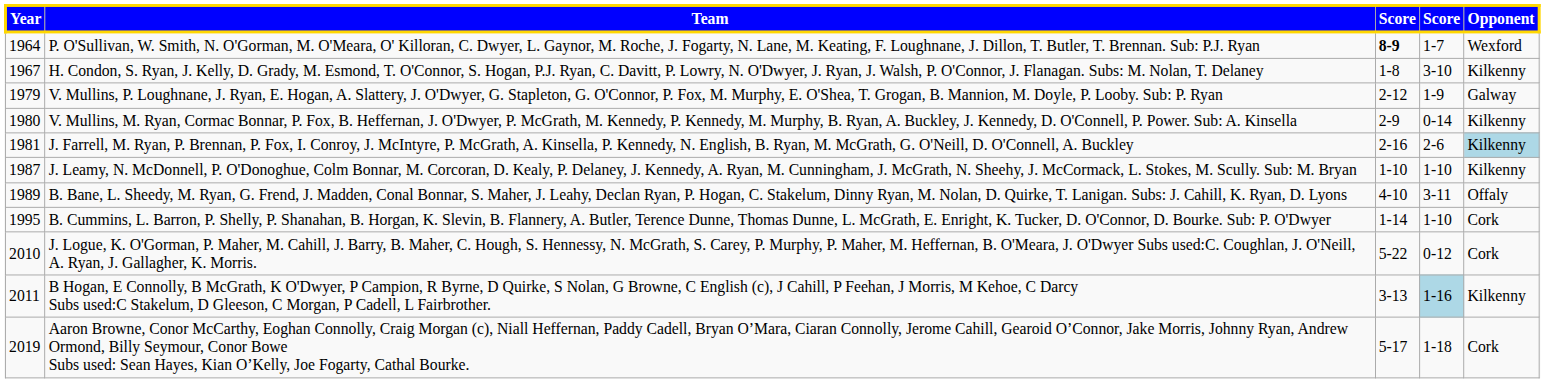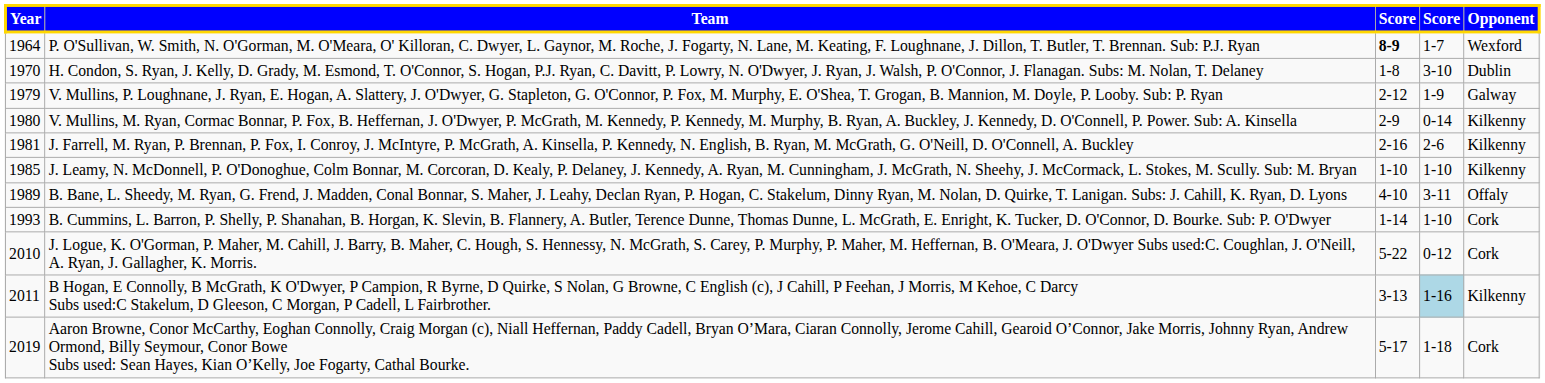 <table class="wikitable">
 <tr style="text-align:center;background:blue; color:white; border:3px solid gold">
 <td><strong>Year</strong></td>
 <td><strong>Team</strong></td>
 <td><strong>Score</strong></td>
 <td><strong>Score</strong></td>
 <td><strong>Opponent</strong></td>
 </tr>
 <tr>
 <td>1964</td>
 <td>P. O'Sullivan, W. Smith, N. O'Gorman, M. O'Meara, O' Killoran, C. Dwyer, L. Gaynor, M. Roche, J. Fogarty, N. Lane, M. Keating, F. Loughnane, J. Dillon, T. Butler, T. Brennan. Sub: P.J. Ryan</td>
 <td><strong>8-9</strong></td>
 <td>1-7</td>
 <td>Wexford</td>
 </tr>
 <tr>
-<td>1967</td>
+<td>1970</td>
 <td>H. Condon, S. Ryan, J. Kelly, D. Grady, M. Esmond, T. O'Connor, S. Hogan, P.J. Ryan, C. Davitt, P. Lowry, N. O'Dwyer, J. Ryan, J. Walsh, P. O'Connor, J. Flanagan. Subs: M. Nolan, T. Delaney</td>
 <td>1-8</td>
 <td>3-10</td>
-<td>Kilkenny</td>
+<td>Dublin</td>
 </tr>
 <tr>
 <td>1979</td>
 <td>V. Mullins, P. Loughnane, J. Ryan, E. Hogan, A. Slattery, J. O'Dwyer, G. Stapleton, G. O'Connor, P. Fox, M. Murphy, E. O'Shea, T. Grogan, B. Mannion, M. Doyle, P. Looby. Sub: P. Ryan</td>
 <td>2-12</td>
 <td>1-9</td>
 <td>Galway</td>
 </tr>
 <tr>
 <td>1980</td>
 <td>V. Mullins, M. Ryan, Cormac Bonnar, P. Fox, B. Heffernan, J. O'Dwyer, P. McGrath, M. Kennedy, P. Kennedy, M. Murphy, B. Ryan, A. Buckley, J. Kennedy, D. O'Connell, P. Power. Sub: A. Kinsella</td>
 <td>2-9</td>
 <td>0-14</td>
 <td>Kilkenny</td>
 </tr>
 <tr>
 <td>1981</td>
 <td>J. Farrell, M. Ryan, P. Brennan, P. Fox, I. Conroy, J. McIntyre, P. McGrath, A. Kinsella, P. Kennedy, N. English, B. Ryan, M. McGrath, G. O'Neill, D. O'Connell, A. Buckley</td>
 <td>2-16</td>
 <td>2-6</td>
-<td style="background: lightblue;">Kilkenny</td>
+<td>Kilkenny</td>
 </tr>
 <tr>
-<td>1987</td>
+<td>1985</td>
 <td>J. Leamy, N. McDonnell, P. O'Donoghue, Colm Bonnar, M. Corcoran, D. Kealy, P. Delaney, J. Kennedy, A. Ryan, M. Cunningham, J. McGrath, N. Sheehy, J. McCormack, L. Stokes, M. Scully. Sub: M. Bryan</td>
 <td>1-10</td>
 <td>1-10</td>
 <td>Kilkenny</td>
 </tr>
 <tr>
 <td>1989</td>
 <td>B. Bane, L. Sheedy, M. Ryan, G. Frend, J. Madden, Conal Bonnar, S. Maher, J. Leahy, Declan Ryan, P. Hogan, C. Stakelum, Dinny Ryan, M. Nolan, D. Quirke, T. Lanigan. Subs: J. Cahill, K. Ryan, D. Lyons</td>
 <td>4-10</td>
 <td>3-11</td>
 <td>Offaly</td>
 </tr>
 <tr>
-<td>1995</td>
+<td>1993</td>
 <td>B. Cummins, L. Barron, P. Shelly, P. Shanahan, B. Horgan, K. Slevin, B. Flannery, A. Butler, Terence Dunne, Thomas Dunne, L. McGrath, E. Enright, K. Tucker, D. O'Connor, D. Bourke. Sub: P. O'Dwyer</td>
 <td>1-14</td>
 <td>1-10</td>
 <td>Cork</td>
 </tr>
 <tr>
 <td>2010</td>
 <td>J. Logue, K. O'Gorman, P. Maher, M. Cahill, J. Barry, B. Maher, C. Hough,  S. Hennessy, N. McGrath, S. Carey, P. Murphy, P. Maher, M. Heffernan, B. O'Meara, J. O'Dwyer Subs used:C. Coughlan, J. O'Neill, A. Ryan, J. Gallagher, K. Morris.</td>
 <td>5-22</td>
 <td>0-12</td>
 <td>Cork</td>
 </tr>
 <tr>
 <td>2011</td>
 <td>B Hogan, E Connolly, B McGrath, K O'Dwyer, P Campion, R Byrne, D Quirke, S Nolan, G Browne, C English (c), J Cahill, P Feehan, J Morris, M Kehoe, C Darcy<br>Subs used:C Stakelum, D Gleeson, C Morgan, P Cadell, L Fairbrother.</td>
 <td>3-13</td>
 <td style="background: lightblue;">1-16</td>
 <td>Kilkenny</td>
 </tr>
 <tr>
 <td>2019</td>
 <td>Aaron Browne, Conor McCarthy, Eoghan Connolly, Craig Morgan (c), Niall Heffernan, Paddy Cadell, Bryan O’Mara, Ciaran Connolly, Jerome Cahill, Gearoid O’Connor, Jake Morris, Johnny Ryan, Andrew Ormond, Billy Seymour, Conor Bowe<br>Subs used: Sean Hayes, Kian O’Kelly, Joe Fogarty, Cathal Bourke.</td>
 <td>5-17</td>
 <td>1-18</td>
 <td>Cork</td>
 </tr>
 </table>
